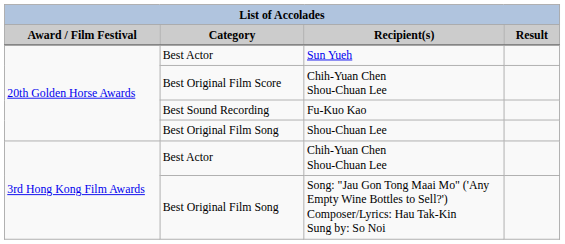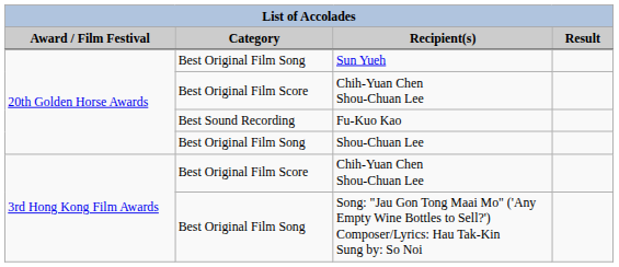 <table class="wikitable" style="font-size:small;" ;>
 <tr style="text-align:center;">
 <th colspan=4 style="background:#B0C4DE;">List of Accolades</th>
 </tr>
 <tr style="text-align:center;">
 <th style="background:#ccc; width:28%;">Award / Film Festival</th>
 <th style="background:#ccc; width:26%;">Category</th>
 <th style="background:#ccc; width:36%;">Recipient(s)</th>
 <th style="background:#ccc; width:10%;">Result</th>
 </tr>
 <tr style="border-top:2px solid gray;">
 </tr>
 <tr>
 <td rowspan="4"><a href='#'>20th Golden Horse Awards</a></td>
-<td>Best Actor</td>
+<td>Best Original Film Song</td>
 <td><a href='#'>Sun Yueh</a></td>
 <td></td>
 </tr>
 <tr>
 <td>Best Original Film Score</td>
 <td>Chih-Yuan Chen<br>Shou-Chuan Lee</td>
 <td></td>
 </tr>
 <tr>
 <td>Best Sound Recording</td>
 <td>Fu-Kuo Kao</td>
 <td></td>
 </tr>
 <tr>
 <td>Best Original Film Song</td>
 <td>Shou-Chuan Lee</td>
 <td></td>
 </tr>
 <tr>
 <td rowspan="2"><a href='#'>3rd Hong Kong Film Awards</a></td>
-<td>Best Actor</td>
+<td>Best Original Film Score</td>
 <td>Chih-Yuan Chen<br>Shou-Chuan Lee</td>
 <td></td>
 </tr>
 <tr>
 <td>Best Original Film Song</td>
 <td>Song: "Jau Gon Tong Maai Mo" ('Any Empty Wine Bottles to Sell?')<br>Composer/Lyrics: Hau Tak-Kin <br>Sung by: So Noi</td>
 <td></td>
 </tr>
 </table>
